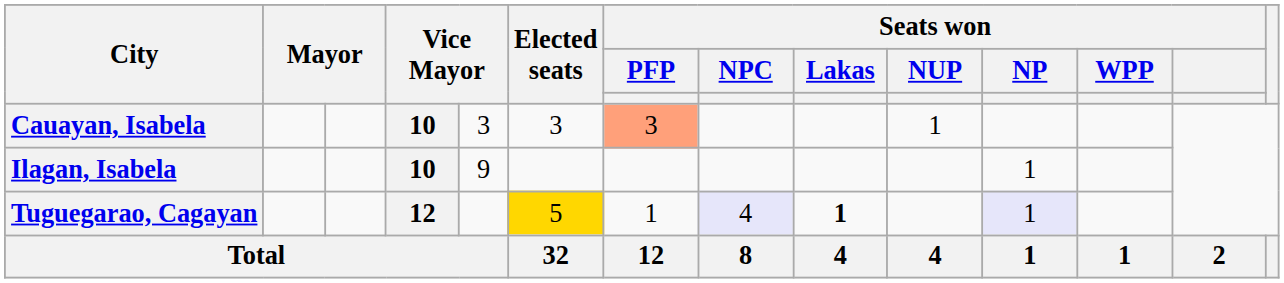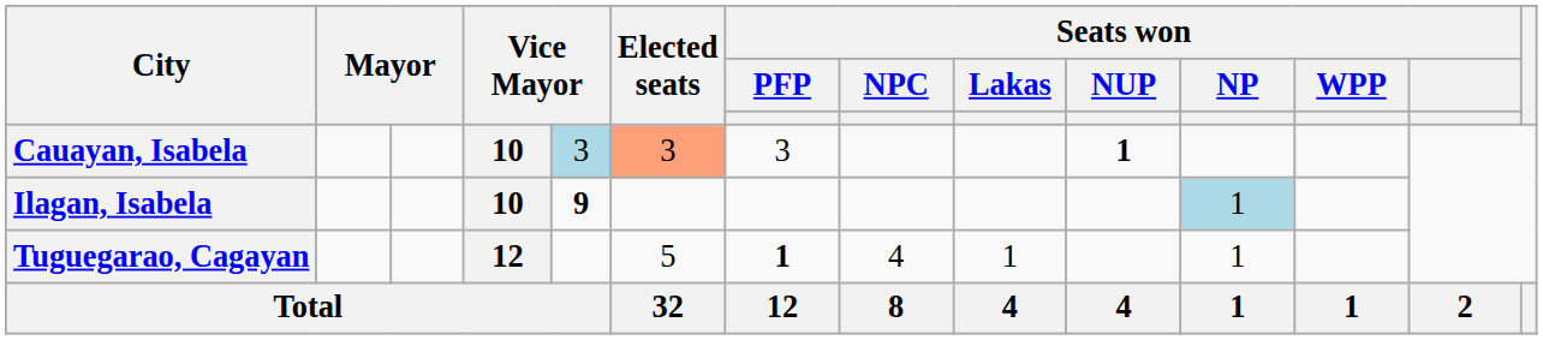 <table class="wikitable" style="text-align:center; font-size: 0.9em;">
 <tr>
 <th rowspan="3">City</th>
 <th colspan="2" rowspan="3" style="width:60px;">Mayor</th>
 <th colspan="2" rowspan="3" style="width:60px;">Vice Mayor</th>
 <th rowspan="3">Elected<br>seats</th>
 <th colspan="7">Seats won</th>
 <th rowspan="3"></th>
 </tr>
 <tr>
 <th class="unsortable" style="width:45px;"><a href='#'>PFP</a></th>
 <th class="unsortable" style="width:45px;"><a href='#'>NPC</a></th>
 <th class="unsortable" style="width:45px;"><a href='#'>Lakas</a></th>
 <th class="unsortable" style="width:45px;"><a href='#'>NUP</a></th>
 <th class="unsortable" style="width:45px;"><a href='#'>NP</a></th>
 <th class="unsortable" style="width:45px;"><a href='#'>WPP</a></th>
 <th class="unsortable" style="width:45px;"></th>
 </tr>
 <tr>
 <th style="color:inherit;background:"></th>
 <th style="color:inherit;background:"></th>
 <th style="color:inherit;background:"></th>
 <th style="color:inherit;background:"></th>
 <th style="color:inherit;background:"></th>
 <th style="color:inherit;background:"></th>
 <th style="color:inherit;background:"></th>
 </tr>
 <tr>
 <th style="text-align: left;"><a href='#'>Cauayan, Isabela</a></th>
 <td></td>
 <td></td>
 <th>10</th>
+<td style="background: lightblue;">3</td>
+<td style="background: lightsalmon;">3</td>
 <td>3</td>
-<td>3</td>
-<td style="background: lightsalmon;">3</td>
 <td></td>
 <td></td>
-<td>1</td>
+<td><strong>1</strong></td>
 <td></td>
 <td></td>
 </tr>
 <tr>
 <th style="text-align: left;"><a href='#'>Ilagan, Isabela</a></th>
 <td></td>
 <td></td>
 <th>10</th>
-<td>9</td>
+<td><strong>9</strong></td>
 <td></td>
 <td></td>
 <td></td>
 <td></td>
 <td></td>
-<td>1</td>
+<td style="background: lightblue;">1</td>
 <td></td>
 </tr>
 <tr>
 <th style="text-align: left;"><a href='#'>Tuguegarao, Cagayan</a></th>
 <td></td>
 <td></td>
 <th>12</th>
 <td></td>
-<td style="background: gold;">5</td>
+<td>5</td>
+<td><strong>1</strong></td>
+<td>4</td>
 <td>1</td>
-<td style="background: lavender;">4</td>
-<td><strong>1</strong></td>
 <td></td>
-<td style="background: lavender;">1</td>
+<td>1</td>
 <td></td>
 </tr>
 <tr>
 <th colspan="5">Total</th>
 <th>32</th>
 <th>12</th>
 <th>8</th>
 <th>4</th>
 <th>4</th>
 <th>1</th>
 <th>1</th>
 <th>2</th>
 <th></th>
 </tr>
 </table>
